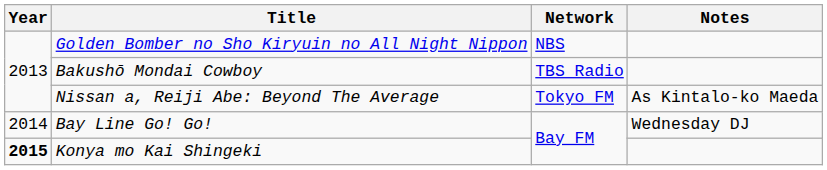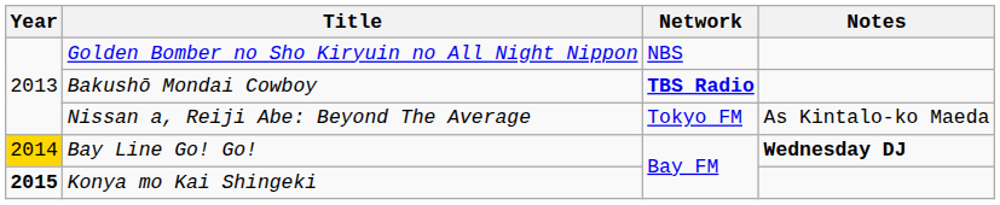 <table class="wikitable">
 <tr>
 <th>Year</th>
 <th>Title</th>
 <th>Network</th>
 <th>Notes</th>
 </tr>
 <tr>
 <td rowspan="3">2013</td>
 <td><em><a href='#'>Golden Bomber no Sho Kiryuin no All Night Nippon</a></em></td>
 <td><a href='#'>NBS</a></td>
 <td></td>
 </tr>
 <tr>
 <td><em>Bakushō Mondai Cowboy</em></td>
-<td><a href='#'>TBS Radio</a></td>
+<td><strong><a href='#'>TBS Radio</a></strong></td>
 <td></td>
 </tr>
 <tr>
 <td><em>Nissan a, Reiji Abe: Beyond The Average</em></td>
 <td><a href='#'>Tokyo FM</a></td>
 <td>As Kintalo-ko Maeda</td>
 </tr>
 <tr>
-<td>2014</td>
+<td style="background: gold;">2014</td>
 <td><em>Bay Line Go! Go!</em></td>
 <td rowspan="2"><a href='#'>Bay FM</a></td>
-<td>Wednesday DJ</td>
+<td><strong>Wednesday DJ</strong></td>
 </tr>
 <tr>
 <td><strong>2015</strong></td>
 <td><em>Konya mo Kai Shingeki</em></td>
 <td></td>
 </tr>
 </table>
